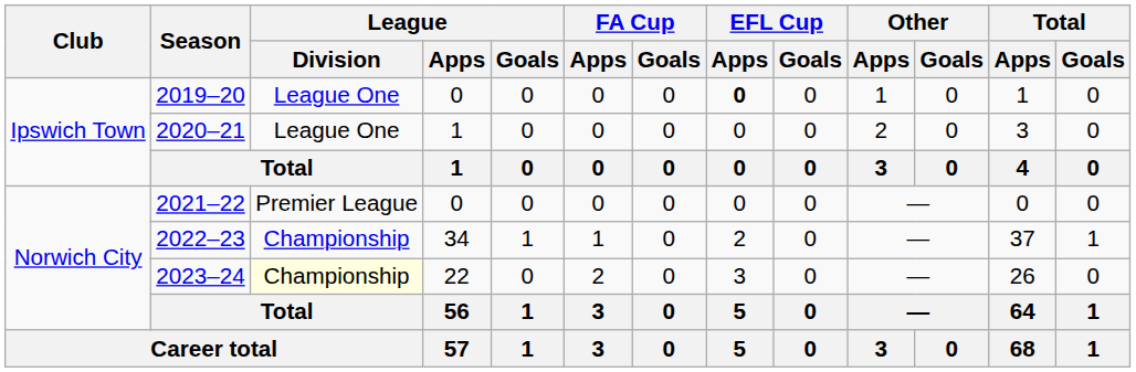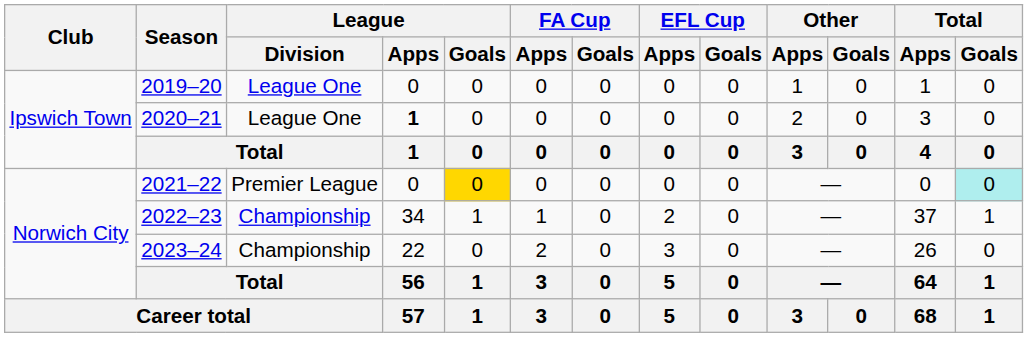 <table class="wikitable" style="text-align:center">
 <tr>
 <th rowspan="2">Club</th>
 <th rowspan="2">Season</th>
 <th colspan="3">League</th>
 <th colspan="2"><a href='#'>FA Cup</a></th>
 <th colspan="2"><a href='#'>EFL Cup</a></th>
 <th colspan="2">Other</th>
 <th colspan="2">Total</th>
 </tr>
 <tr>
 <th>Division</th>
 <th>Apps</th>
 <th>Goals</th>
 <th>Apps</th>
 <th>Goals</th>
 <th>Apps</th>
 <th>Goals</th>
 <th>Apps</th>
 <th>Goals</th>
 <th>Apps</th>
 <th>Goals</th>
 </tr>
 <tr>
 <td rowspan="3"><a href='#'>Ipswich Town</a></td>
 <td><a href='#'>2019–20</a></td>
 <td><a href='#'>League One</a></td>
 <td>0</td>
 <td>0</td>
 <td>0</td>
 <td>0</td>
-<td><strong>0</strong></td>
+<td>0</td>
 <td>0</td>
 <td>1</td>
 <td>0</td>
 <td>1</td>
 <td>0</td>
 </tr>
 <tr>
 <td><a href='#'>2020–21</a></td>
 <td>League One</td>
-<td>1</td>
+<td><strong>1</strong></td>
 <td>0</td>
 <td>0</td>
 <td>0</td>
 <td>0</td>
 <td>0</td>
 <td>2</td>
 <td>0</td>
 <td>3</td>
 <td>0</td>
 </tr>
 <tr>
 <th colspan="2">Total</th>
 <th>1</th>
 <th>0</th>
 <th>0</th>
 <th>0</th>
 <th>0</th>
 <th>0</th>
 <th>3</th>
 <th>0</th>
 <th>4</th>
 <th>0</th>
 </tr>
 <tr>
 <td rowspan="4"><a href='#'>Norwich City</a></td>
 <td><a href='#'>2021–22</a></td>
 <td>Premier League</td>
 <td>0</td>
-<td>0</td>
+<td style="background: gold;">0</td>
 <td>0</td>
 <td>0</td>
 <td>0</td>
 <td>0</td>
 <td colspan="2">—</td>
 <td>0</td>
-<td>0</td>
+<td style="background: paleturquoise;">0</td>
 </tr>
 <tr>
 <td><a href='#'>2022–23</a></td>
 <td><a href='#'>Championship</a></td>
 <td>34</td>
 <td>1</td>
 <td>1</td>
 <td>0</td>
 <td>2</td>
 <td>0</td>
 <td colspan="2">—</td>
 <td>37</td>
 <td>1</td>
 </tr>
 <tr>
 <td><a href='#'>2023–24</a></td>
-<td style="background: lightyellow;">Championship</td>
+<td>Championship</td>
 <td>22</td>
 <td>0</td>
 <td>2</td>
 <td>0</td>
 <td>3</td>
 <td>0</td>
 <td colspan="2">—</td>
 <td>26</td>
 <td>0</td>
 </tr>
 <tr>
 <th colspan="2">Total</th>
 <th>56</th>
 <th>1</th>
 <th>3</th>
 <th>0</th>
 <th>5</th>
 <th>0</th>
 <th colspan="2">—</th>
 <th>64</th>
 <th>1</th>
 </tr>
 <tr>
 <th colspan="3">Career total</th>
 <th>57</th>
 <th>1</th>
 <th>3</th>
 <th>0</th>
 <th>5</th>
 <th>0</th>
 <th>3</th>
 <th>0</th>
 <th>68</th>
 <th>1</th>
 </tr>
 </table>
